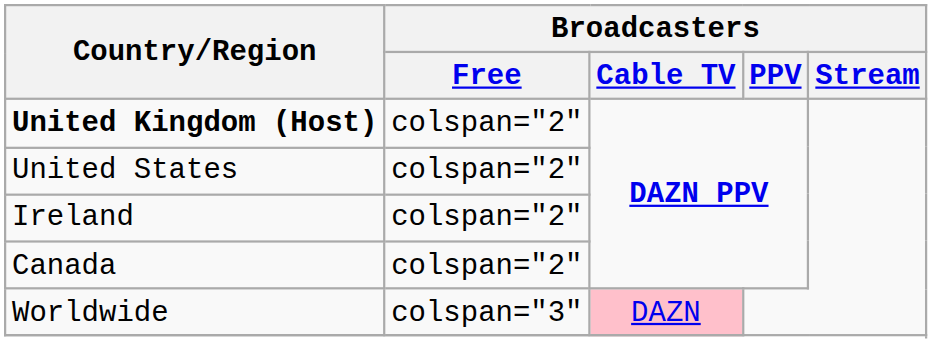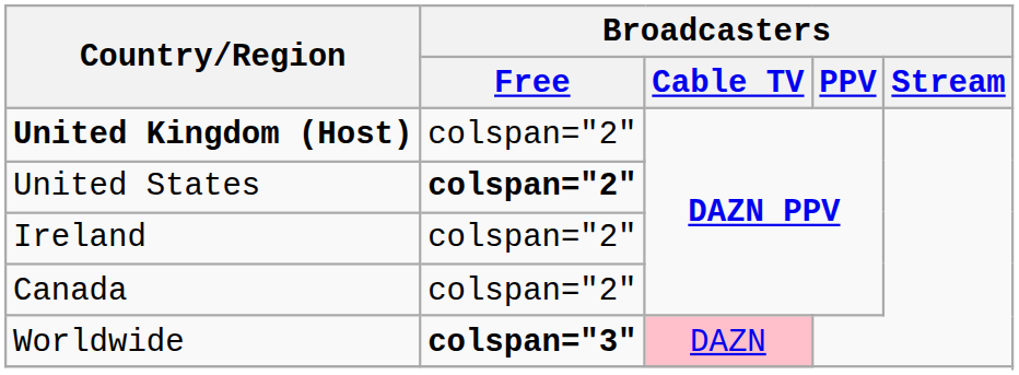 <table class="wikitable">
 <tr>
 <th rowspan="2">Country/Region</th>
 <th colspan="5">Broadcasters</th>
 </tr>
 <tr>
 <th><a href='#'>Free</a></th>
 <th><a href='#'>Cable TV</a></th>
 <th><a href='#'>PPV</a></th>
 <th><a href='#'>Stream</a></th>
 </tr>
 <tr>
 <td><strong>United Kingdom (Host)</strong></td>
 <td>colspan="2" </td>
 <td rowspan="4" align="center" colspan="2"><strong><a href='#'>DAZN PPV</a></strong></td>
 </tr>
 <tr>
 <td>United States</td>
-<td>colspan="2" </td>
+<td><strong>colspan="2" </strong></td>
 </tr>
 <tr>
 <td>Ireland</td>
 <td>colspan="2" </td>
 </tr>
 <tr>
 <td>Canada</td>
 <td>colspan="2" </td>
 </tr>
 <tr>
 <td>Worldwide</td>
-<td>colspan="3" </td>
+<td><strong>colspan="3" </strong></td>
 <td align="center" style="background: pink;"><a href='#'>DAZN</a></td>
 </tr>
 <tr>
 </tr>
 </table>
